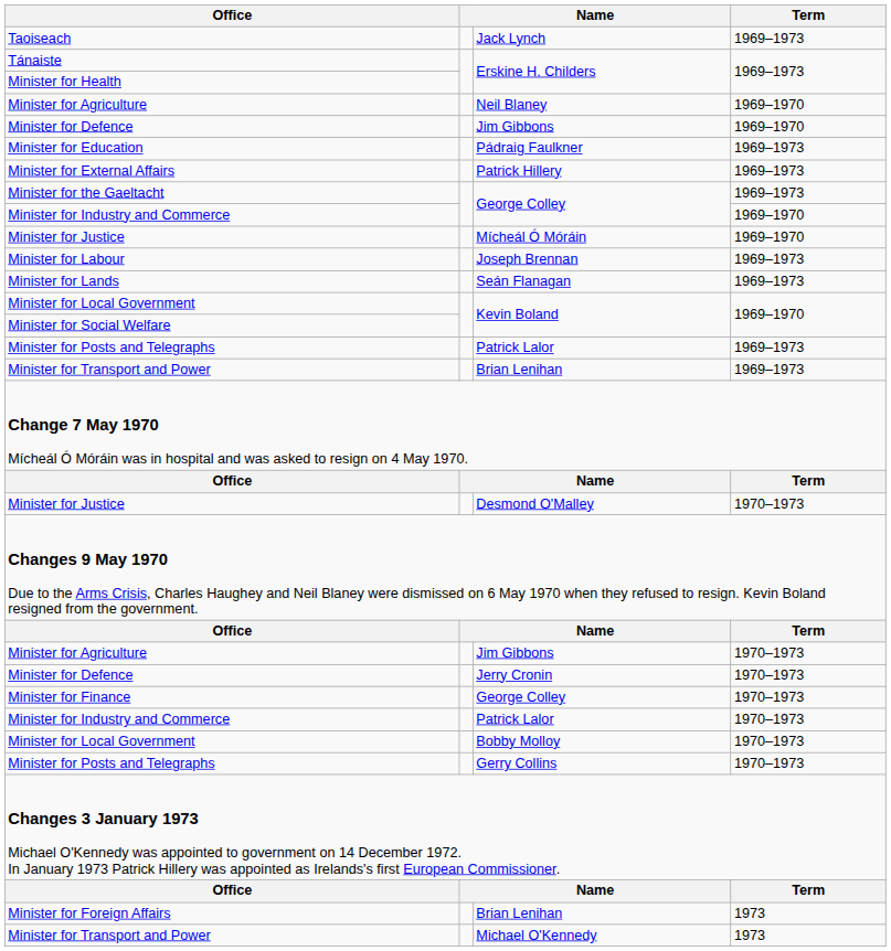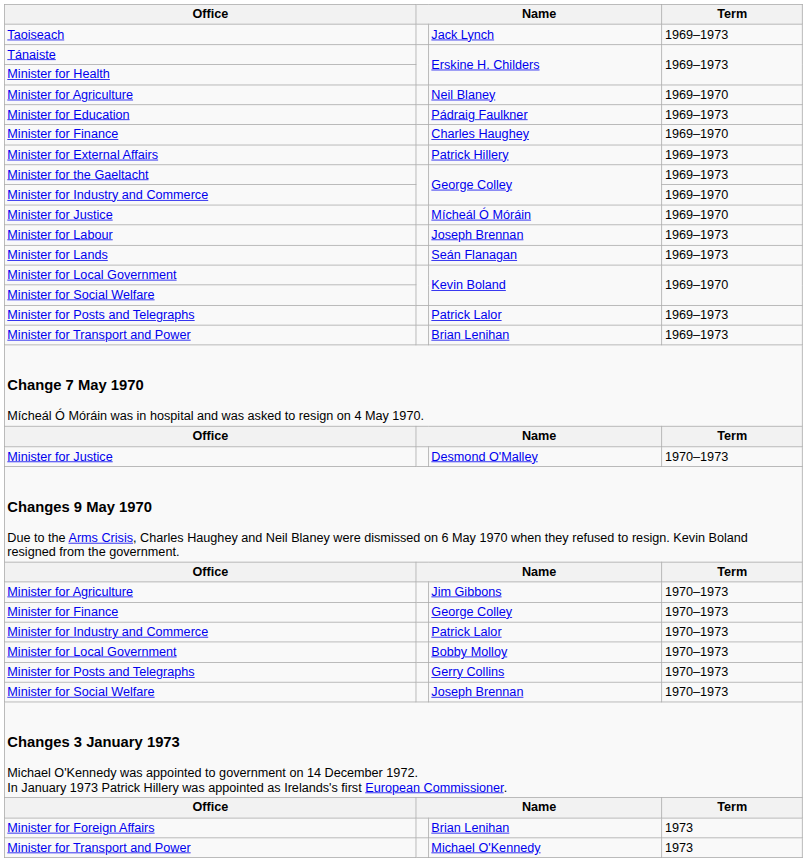 <table class="wikitable" width=80%>
 <tr>
 <th>Office</th>
 <th colspan="2">Name</th>
 <th>Term</th>
 </tr>
 <tr>
 <td><a href='#'>Taoiseach</a></td>
 <td style="background-color: "></td>
 <td><a href='#'>Jack Lynch</a></td>
 <td>1969–1973</td>
 </tr>
 <tr>
 <td><a href='#'>Tánaiste</a></td>
 <td rowspan=2 style="background-color: "></td>
 <td rowspan=2><a href='#'>Erskine H. Childers</a></td>
 <td rowspan=2>1969–1973</td>
 </tr>
 <tr>
 <td><a href='#'>Minister for Health</a></td>
 </tr>
 <tr>
 <td><a href='#'>Minister for Agriculture</a></td>
 <td style="background-color: "></td>
 <td><a href='#'>Neil Blaney</a></td>
 <td>1969–1970</td>
 </tr>
 <tr>
-<td><a href='#'>Minister for Defence</a></td>
-<td style="background-color: "></td>
-<td><a href='#'>Jim Gibbons</a></td>
-<td>1969–1970</td>
-</tr>
-<tr>
 <td><a href='#'>Minister for Education</a></td>
 <td style="background-color: "></td>
 <td><a href='#'>Pádraig Faulkner</a></td>
 <td>1969–1973</td>
+</tr>
+<tr>
+<td><a href='#'>Minister for Finance</a></td>
+<td style="background-color: "></td>
+<td><a href='#'>Charles Haughey</a></td>
+<td>1969–1970</td>
 </tr>
 <tr>
 <td><a href='#'>Minister for External Affairs</a></td>
 <td style="background-color: "></td>
 <td><a href='#'>Patrick Hillery</a></td>
 <td>1969–1973</td>
 </tr>
 <tr>
 <td><a href='#'>Minister for the Gaeltacht</a></td>
 <td rowspan=2 style="background-color: "></td>
 <td rowspan=2><a href='#'>George Colley</a></td>
 <td>1969–1973</td>
 </tr>
 <tr>
 <td><a href='#'>Minister for Industry and Commerce</a></td>
 <td>1969–1970</td>
 </tr>
 <tr>
 <td><a href='#'>Minister for Justice</a></td>
 <td style="background-color: "></td>
 <td><a href='#'>Mícheál Ó Móráin</a></td>
 <td>1969–1970</td>
 </tr>
 <tr>
 <td><a href='#'>Minister for Labour</a></td>
 <td style="background-color: "></td>
 <td><a href='#'>Joseph Brennan</a></td>
 <td>1969–1973</td>
 </tr>
 <tr>
 <td><a href='#'>Minister for Lands</a></td>
 <td style="background-color: "></td>
 <td><a href='#'>Seán Flanagan</a></td>
 <td>1969–1973</td>
 </tr>
 <tr>
 <td><a href='#'>Minister for Local Government</a></td>
 <td rowspan=2 style="background-color: "></td>
 <td rowspan=2><a href='#'>Kevin Boland</a></td>
 <td rowspan=2>1969–1970</td>
 </tr>
 <tr>
 <td><a href='#'>Minister for Social Welfare</a></td>
 </tr>
 <tr>
 <td><a href='#'>Minister for Posts and Telegraphs</a></td>
 <td style="background-color: "></td>
 <td><a href='#'>Patrick Lalor</a></td>
 <td>1969–1973</td>
 </tr>
 <tr>
 <td><a href='#'>Minister for Transport and Power</a></td>
 <td style="background-color: "></td>
 <td><a href='#'>Brian Lenihan</a></td>
 <td>1969–1973</td>
 </tr>
 <tr>
 <td colspan="4"><br><h3>Change 7 May 1970</h3>Mícheál Ó Móráin was in hospital and was asked to resign on 4 May 1970.</td>
 </tr>
 <tr>
 <th>Office</th>
 <th colspan="2">Name</th>
 <th>Term</th>
 </tr>
 <tr>
 <td><a href='#'>Minister for Justice</a></td>
 <td style="background-color: "></td>
 <td><a href='#'>Desmond O'Malley</a></td>
 <td>1970–1973</td>
 </tr>
 <tr>
 <td colspan="4"><br><h3>Changes 9 May 1970</h3>Due to the <a href='#'>Arms Crisis</a>, Charles Haughey and Neil Blaney were dismissed on 6 May 1970 when they refused to resign. Kevin Boland resigned from the government.</td>
 </tr>
 <tr>
 <th>Office</th>
 <th colspan="2">Name</th>
 <th>Term</th>
 </tr>
 <tr>
 <td><a href='#'>Minister for Agriculture</a></td>
 <td style="background-color: "></td>
 <td><a href='#'>Jim Gibbons</a></td>
 <td>1970–1973</td>
 </tr>
 <tr>
-<td><a href='#'>Minister for Defence</a></td>
-<td style="background-color: "></td>
-<td><a href='#'>Jerry Cronin</a></td>
-<td>1970–1973</td>
-</tr>
-<tr>
 <td><a href='#'>Minister for Finance</a></td>
 <td style="background-color: "></td>
 <td><a href='#'>George Colley</a></td>
 <td>1970–1973</td>
 </tr>
 <tr>
 <td><a href='#'>Minister for Industry and Commerce</a></td>
 <td style="background-color: "></td>
 <td><a href='#'>Patrick Lalor</a></td>
 <td>1970–1973</td>
 </tr>
 <tr>
 <td><a href='#'>Minister for Local Government</a></td>
 <td style="background-color: "></td>
 <td><a href='#'>Bobby Molloy</a></td>
 <td>1970–1973</td>
 </tr>
 <tr>
 <td><a href='#'>Minister for Posts and Telegraphs</a></td>
 <td style="background-color: "></td>
 <td><a href='#'>Gerry Collins</a></td>
 <td>1970–1973</td>
 </tr>
 <tr>
+<td><a href='#'>Minister for Social Welfare</a></td>
+<td style="background-color: "></td>
+<td><a href='#'>Joseph Brennan</a></td>
+<td>1970–1973</td>
+</tr>
+<tr>
 <td colspan="4"><br><h3>Changes 3 January 1973</h3>Michael O'Kennedy was appointed to government on 14 December 1972.<br>In January 1973 Patrick Hillery was appointed as Irelands's first <a href='#'>European Commissioner</a>.</td>
 </tr>
 <tr>
 <th>Office</th>
 <th colspan="2">Name</th>
 <th>Term</th>
 </tr>
 <tr>
 <td><a href='#'>Minister for Foreign Affairs</a></td>
 <td style="background-color: "></td>
 <td><a href='#'>Brian Lenihan</a></td>
 <td>1973</td>
 </tr>
 <tr>
 <td><a href='#'>Minister for Transport and Power</a></td>
 <td style="background-color: "></td>
 <td><a href='#'>Michael O'Kennedy</a></td>
 <td>1973</td>
 </tr>
 </table>
